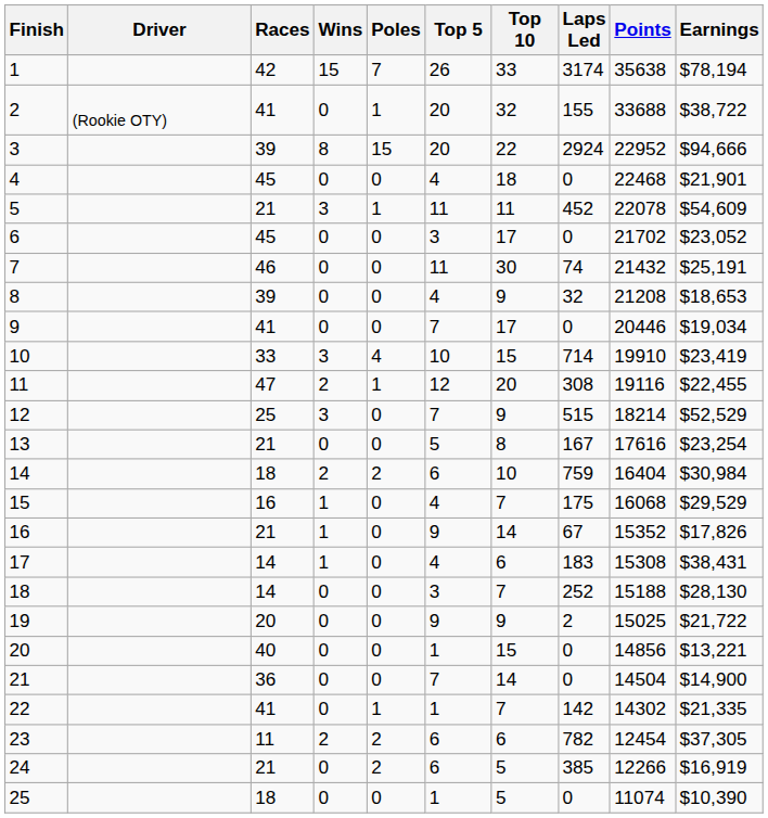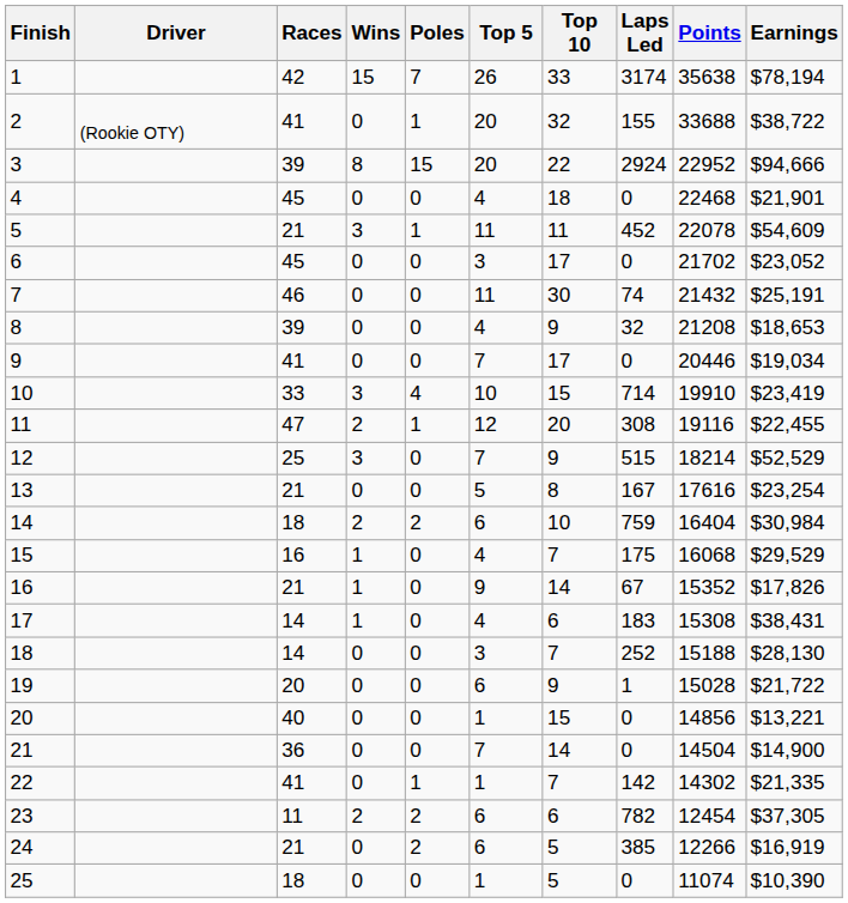 <table class="wikitable sortable" style="align:left;">
 <tr>
 <th width="10">Finish</th>
 <th style="width:150px;">Driver</th>
 <th width="10">Races</th>
 <th width="10">Wins</th>
 <th width="10">Poles</th>
 <th style="width:50px;">Top 5</th>
 <th style="width:50px;">Top 10</th>
 <th width="10">Laps Led</th>
 <th width="10"><a href='#'>Points</a></th>
 <th width="10">Earnings</th>
 </tr>
 <tr>
 <td>1</td>
 <td></td>
 <td>42</td>
 <td>15</td>
 <td>7</td>
 <td>26</td>
 <td>33</td>
 <td>3174</td>
 <td>35638</td>
 <td>$78,194</td>
 </tr>
 <tr>
 <td>2</td>
 <td><br><small>(Rookie OTY)</small></td>
 <td>41</td>
 <td>0</td>
 <td>1</td>
 <td>20</td>
 <td>32</td>
 <td>155</td>
 <td>33688</td>
 <td>$38,722</td>
 </tr>
 <tr>
 <td>3</td>
 <td></td>
 <td>39</td>
 <td>8</td>
 <td>15</td>
 <td>20</td>
 <td>22</td>
 <td>2924</td>
 <td>22952</td>
 <td>$94,666</td>
 </tr>
 <tr>
 <td>4</td>
 <td></td>
 <td>45</td>
 <td>0</td>
 <td>0</td>
 <td>4</td>
 <td>18</td>
 <td>0</td>
 <td>22468</td>
 <td>$21,901</td>
 </tr>
 <tr>
 <td>5</td>
 <td></td>
 <td>21</td>
 <td>3</td>
 <td>1</td>
 <td>11</td>
 <td>11</td>
 <td>452</td>
 <td>22078</td>
 <td>$54,609</td>
 </tr>
 <tr>
 <td>6</td>
 <td></td>
 <td>45</td>
 <td>0</td>
 <td>0</td>
 <td>3</td>
 <td>17</td>
 <td>0</td>
 <td>21702</td>
 <td>$23,052</td>
 </tr>
 <tr>
 <td>7</td>
 <td></td>
 <td>46</td>
 <td>0</td>
 <td>0</td>
 <td>11</td>
 <td>30</td>
 <td>74</td>
 <td>21432</td>
 <td>$25,191</td>
 </tr>
 <tr>
 <td>8</td>
 <td></td>
 <td>39</td>
 <td>0</td>
 <td>0</td>
 <td>4</td>
 <td>9</td>
 <td>32</td>
 <td>21208</td>
 <td>$18,653</td>
 </tr>
 <tr>
 <td>9</td>
 <td></td>
 <td>41</td>
 <td>0</td>
 <td>0</td>
 <td>7</td>
 <td>17</td>
 <td>0</td>
 <td>20446</td>
 <td>$19,034</td>
 </tr>
 <tr>
 <td>10</td>
 <td></td>
 <td>33</td>
 <td>3</td>
 <td>4</td>
 <td>10</td>
 <td>15</td>
 <td>714</td>
 <td>19910</td>
 <td>$23,419</td>
 </tr>
 <tr>
 <td>11</td>
 <td></td>
 <td>47</td>
 <td>2</td>
 <td>1</td>
 <td>12</td>
 <td>20</td>
 <td>308</td>
 <td>19116</td>
 <td>$22,455</td>
 </tr>
 <tr>
 <td>12</td>
 <td></td>
 <td>25</td>
 <td>3</td>
 <td>0</td>
 <td>7</td>
 <td>9</td>
 <td>515</td>
 <td>18214</td>
 <td>$52,529</td>
 </tr>
 <tr>
 <td>13</td>
 <td></td>
 <td>21</td>
 <td>0</td>
 <td>0</td>
 <td>5</td>
 <td>8</td>
 <td>167</td>
 <td>17616</td>
 <td>$23,254</td>
 </tr>
 <tr>
 <td>14</td>
 <td></td>
 <td>18</td>
 <td>2</td>
 <td>2</td>
 <td>6</td>
 <td>10</td>
 <td>759</td>
 <td>16404</td>
 <td>$30,984</td>
 </tr>
 <tr>
 <td>15</td>
 <td></td>
 <td>16</td>
 <td>1</td>
 <td>0</td>
 <td>4</td>
 <td>7</td>
 <td>175</td>
 <td>16068</td>
 <td>$29,529</td>
 </tr>
 <tr>
 <td>16</td>
 <td></td>
 <td>21</td>
 <td>1</td>
 <td>0</td>
 <td>9</td>
 <td>14</td>
 <td>67</td>
 <td>15352</td>
 <td>$17,826</td>
 </tr>
 <tr>
 <td>17</td>
 <td></td>
 <td>14</td>
 <td>1</td>
 <td>0</td>
 <td>4</td>
 <td>6</td>
 <td>183</td>
 <td>15308</td>
 <td>$38,431</td>
 </tr>
 <tr>
 <td>18</td>
 <td></td>
 <td>14</td>
 <td>0</td>
 <td>0</td>
 <td>3</td>
 <td>7</td>
 <td>252</td>
 <td>15188</td>
 <td>$28,130</td>
 </tr>
 <tr>
 <td>19</td>
 <td></td>
 <td>20</td>
 <td>0</td>
 <td>0</td>
+<td>6</td>
 <td>9</td>
-<td>9</td>
-<td>2</td>
-<td>15025</td>
+<td>1</td>
+<td>15028</td>
 <td>$21,722</td>
 </tr>
 <tr>
 <td>20</td>
 <td></td>
 <td>40</td>
 <td>0</td>
 <td>0</td>
 <td>1</td>
 <td>15</td>
 <td>0</td>
 <td>14856</td>
 <td>$13,221</td>
 </tr>
 <tr>
 <td>21</td>
 <td></td>
 <td>36</td>
 <td>0</td>
 <td>0</td>
 <td>7</td>
 <td>14</td>
 <td>0</td>
 <td>14504</td>
 <td>$14,900</td>
 </tr>
 <tr>
 <td>22</td>
 <td></td>
 <td>41</td>
 <td>0</td>
 <td>1</td>
 <td>1</td>
 <td>7</td>
 <td>142</td>
 <td>14302</td>
 <td>$21,335</td>
 </tr>
 <tr>
 <td>23</td>
 <td></td>
 <td>11</td>
 <td>2</td>
 <td>2</td>
 <td>6</td>
 <td>6</td>
 <td>782</td>
 <td>12454</td>
 <td>$37,305</td>
 </tr>
 <tr>
 <td>24</td>
 <td></td>
 <td>21</td>
 <td>0</td>
 <td>2</td>
 <td>6</td>
 <td>5</td>
 <td>385</td>
 <td>12266</td>
 <td>$16,919</td>
 </tr>
 <tr>
 <td>25</td>
 <td></td>
 <td>18</td>
 <td>0</td>
 <td>0</td>
 <td>1</td>
 <td>5</td>
 <td>0</td>
 <td>11074</td>
 <td>$10,390</td>
 </tr>
 </table>
